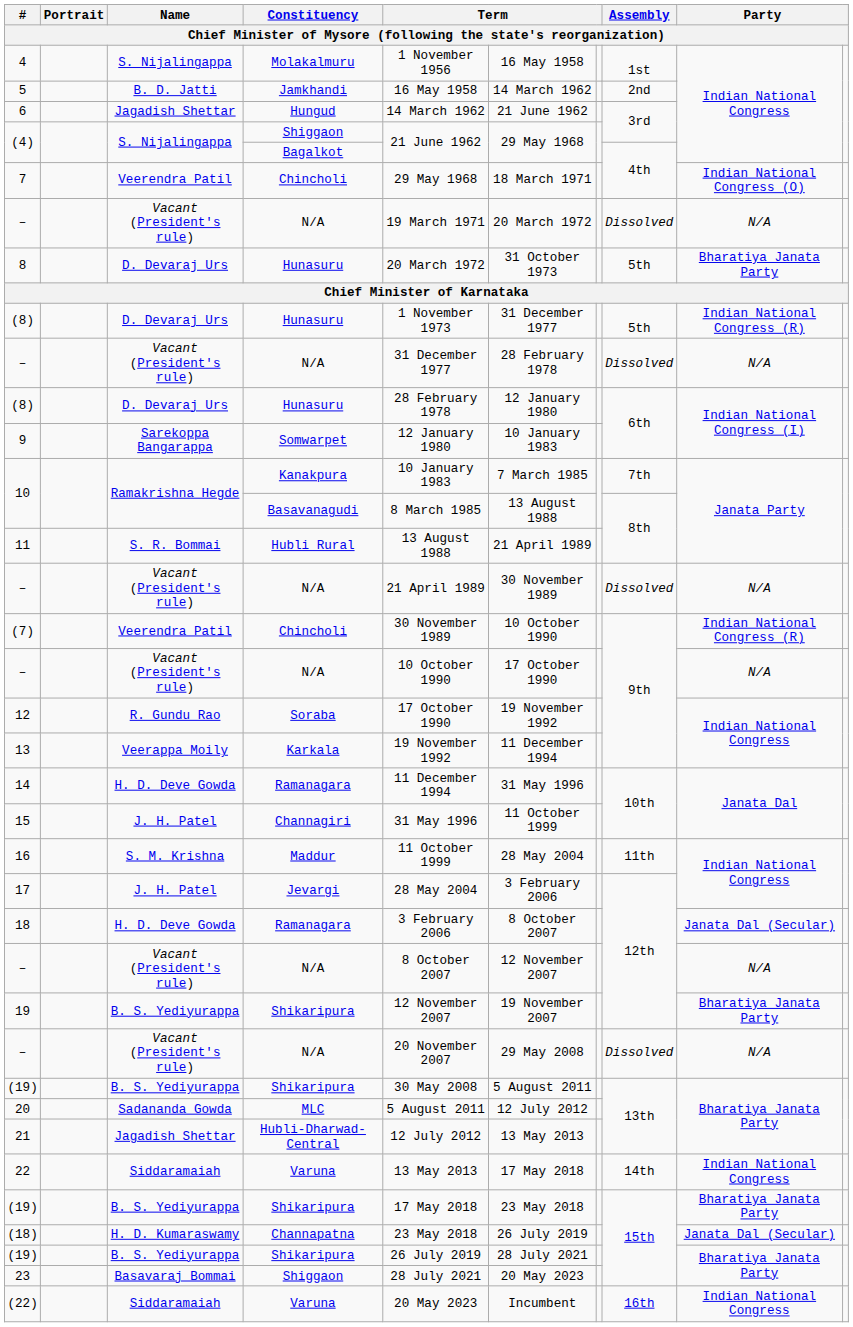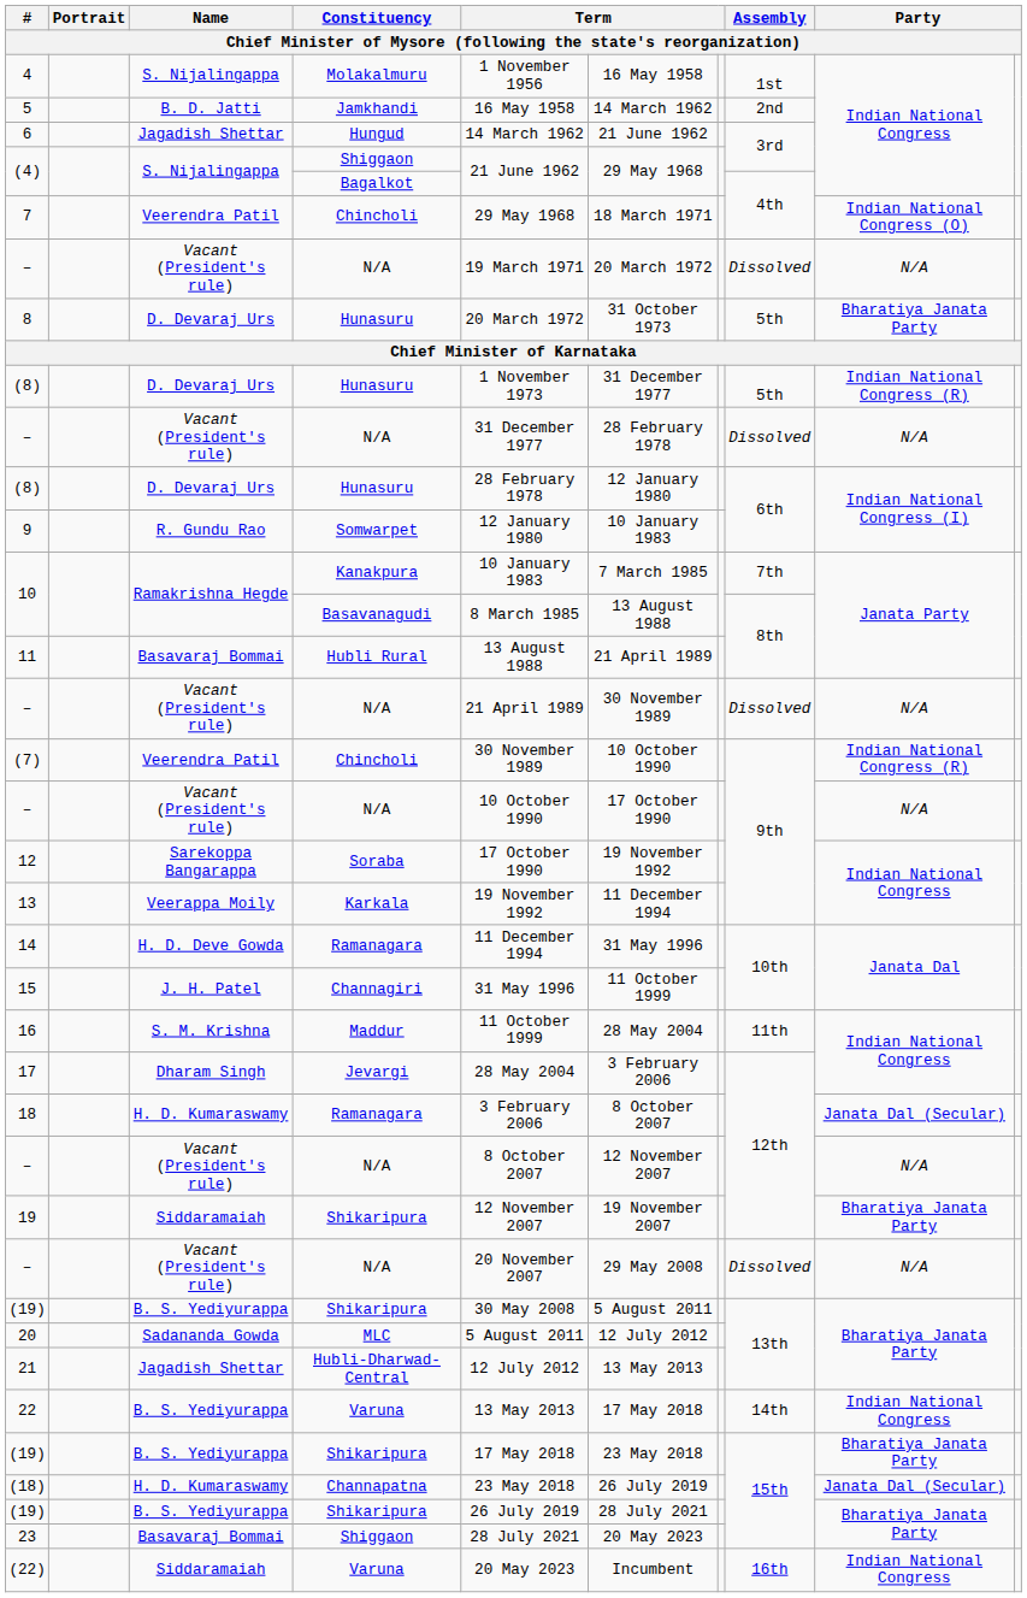 <table class="wikitable" style="text-align:center">
 <tr>
 <th scope="col">#</th>
 <th>Portrait</th>
 <th scope="col">Name</th>
 <th><a href='#'>Constituency</a></th>
 <th colspan="3" scope="col">Term</th>
 <th scope="col"><a href='#'>Assembly</a><br></th>
 <th colspan="2" scope="col">Party</th>
 </tr>
 <tr>
 <th colspan="10">Chief Minister of Mysore (following the state's reorganization)</th>
 </tr>
 <tr>
 <td rowspan="2">4</td>
 <td rowspan="2"></td>
 <td rowspan="2"><a href='#'>S. Nijalingappa</a></td>
 <td rowspan="2"><a href='#'>Molakalmuru</a></td>
 <td rowspan="2">1 November 1956</td>
 <td rowspan="2">16 May 1958</td>
 <td rowspan="2"></td>
 <td><br>1st<br></td>
 <td rowspan="6"><a href='#'>Indian National Congress</a></td>
 <td rowspan="6" style="background-color: "></td>
 </tr>
 <tr>
 <td rowspan="2">2nd<br></td>
 </tr>
 <tr>
 <td>5</td>
 <td></td>
 <td><a href='#'>B. D. Jatti</a></td>
 <td><a href='#'>Jamkhandi</a></td>
 <td>16 May 1958</td>
 <td>14 March 1962</td>
 <td></td>
 </tr>
 <tr>
 <td>6</td>
 <td></td>
 <td><a href='#'>Jagadish Shettar</a></td>
 <td><a href='#'>Hungud</a></td>
 <td>14 March 1962</td>
 <td>21 June 1962</td>
 <td></td>
 <td rowspan="2">3rd<br></td>
 </tr>
 <tr>
 <td rowspan="2">(4)</td>
 <td rowspan="2"></td>
 <td rowspan="2"><a href='#'>S. Nijalingappa</a></td>
 <td><a href='#'>Shiggaon</a></td>
 <td rowspan="2">21 June 1962</td>
 <td rowspan="2">29 May 1968</td>
 <td rowspan="2"></td>
 </tr>
 <tr>
 <td><a href='#'>Bagalkot</a></td>
 <td rowspan="2">4th<br></td>
 </tr>
 <tr>
 <td>7</td>
 <td></td>
 <td><a href='#'>Veerendra Patil</a></td>
 <td><a href='#'>Chincholi</a></td>
 <td>29 May 1968</td>
 <td>18 March 1971</td>
 <td></td>
 <td><a href='#'>Indian National Congress (O)</a></td>
 <td style="background-color: "></td>
 </tr>
 <tr>
 <td>–</td>
 <td></td>
 <td scope="row"><em>Vacant</em><br>(<a href='#'>President's rule</a>)</td>
 <td>N/A</td>
 <td>19 March 1971</td>
 <td>20 March 1972</td>
 <td></td>
 <td><em>Dissolved</em></td>
 <td><em>N/A</em></td>
 <td></td>
 </tr>
 <tr>
 <td>8</td>
 <td></td>
 <td><a href='#'>D. Devaraj Urs</a></td>
 <td><a href='#'>Hunasuru</a></td>
 <td>20 March 1972</td>
 <td>31 October 1973</td>
 <td></td>
 <td>5th<br></td>
 <td><a href='#'>Bharatiya Janata Party</a></td>
 <td style="background-color: "></td>
 </tr>
 <tr>
 <th colspan="10">Chief Minister of Karnataka</th>
 </tr>
 <tr>
 <td>(8)</td>
 <td></td>
 <td><a href='#'>D. Devaraj Urs</a></td>
 <td><a href='#'>Hunasuru</a></td>
 <td>1 November 1973</td>
 <td>31 December 1977</td>
 <td></td>
 <td><br>5th<br></td>
 <td><a href='#'>Indian National Congress (R)</a></td>
 <td style="background-color: "></td>
 </tr>
 <tr>
 <td>–</td>
 <td></td>
 <td scope="row"><em>Vacant</em><br>(<a href='#'>President's rule</a>)</td>
 <td>N/A</td>
 <td>31 December 1977</td>
 <td>28 February 1978</td>
 <td></td>
 <td><em>Dissolved</em></td>
 <td><em>N/A</em></td>
 <td></td>
 </tr>
 <tr>
 <td>(8)</td>
 <td></td>
 <td><a href='#'>D. Devaraj Urs</a></td>
 <td><a href='#'>Hunasuru</a></td>
 <td>28 February 1978</td>
 <td>12 January 1980</td>
 <td></td>
 <td rowspan="2">6th<br></td>
 <td rowspan="2"><a href='#'>Indian National Congress (I)</a></td>
 <td rowspan="2" style="background-color: "></td>
 </tr>
 <tr>
 <td>9</td>
 <td></td>
-<td><a href='#'>Sarekoppa Bangarappa</a></td>
+<td><a href='#'>R. Gundu Rao</a></td>
 <td><a href='#'>Somwarpet</a></td>
 <td>12 January 1980</td>
 <td>10 January 1983</td>
 <td></td>
 </tr>
 <tr>
 <td rowspan="2">10</td>
 <td rowspan="2"></td>
 <td rowspan="2"><a href='#'>Ramakrishna Hegde</a></td>
 <td><a href='#'>Kanakpura</a></td>
 <td>10 January 1983</td>
 <td>7 March 1985</td>
 <td rowspan="2"></td>
 <td>7th<br></td>
 <td rowspan="3"><a href='#'>Janata Party</a></td>
 <td rowspan="3" style="background-color: "></td>
 </tr>
 <tr>
 <td><a href='#'>Basavanagudi</a></td>
 <td>8 March 1985</td>
 <td>13 August 1988</td>
 <td rowspan="2">8th<br></td>
 </tr>
 <tr>
 <td>11</td>
 <td></td>
-<td><a href='#'>S. R. Bommai</a></td>
+<td><a href='#'>Basavaraj Bommai</a></td>
 <td><a href='#'>Hubli Rural</a></td>
 <td>13 August 1988</td>
 <td>21 April 1989</td>
 <td></td>
 </tr>
 <tr>
 <td>–</td>
 <td></td>
 <td scope="row"><em>Vacant</em><br>(<a href='#'>President's rule</a>)</td>
 <td>N/A</td>
 <td>21 April 1989</td>
 <td>30 November 1989</td>
 <td></td>
 <td><em>Dissolved</em></td>
 <td><em>N/A</em></td>
 <td></td>
 </tr>
 <tr>
 <td>(7)</td>
 <td></td>
 <td><a href='#'>Veerendra Patil</a></td>
 <td><a href='#'>Chincholi</a></td>
 <td>30 November 1989</td>
 <td>10 October 1990</td>
 <td></td>
 <td rowspan="4">9th<br></td>
 <td><a href='#'>Indian National Congress (R)</a></td>
 <td style="background-color: "></td>
 </tr>
 <tr>
 <td>–</td>
 <td></td>
 <td scope="row"><em>Vacant</em><br>(<a href='#'>President's rule</a>)</td>
 <td>N/A</td>
 <td>10 October 1990</td>
 <td>17 October 1990</td>
 <td></td>
 <td><em>N/A</em></td>
 <td></td>
 </tr>
 <tr>
 <td>12</td>
 <td></td>
-<td><a href='#'>R. Gundu Rao</a></td>
+<td><a href='#'>Sarekoppa Bangarappa</a></td>
 <td><a href='#'>Soraba</a></td>
 <td>17 October 1990</td>
 <td>19 November 1992</td>
 <td></td>
 <td rowspan="2"><a href='#'>Indian National Congress</a></td>
 <td rowspan="2" style="background-color: "></td>
 </tr>
 <tr>
 <td>13</td>
 <td></td>
 <td><a href='#'>Veerappa Moily</a></td>
 <td><a href='#'>Karkala</a></td>
 <td>19 November 1992</td>
 <td>11 December 1994</td>
 <td></td>
 </tr>
 <tr>
 <td>14</td>
 <td></td>
 <td><a href='#'>H. D. Deve Gowda</a></td>
 <td><a href='#'>Ramanagara</a></td>
 <td>11 December 1994</td>
 <td>31 May 1996</td>
 <td></td>
 <td rowspan="2">10th<br></td>
 <td rowspan="2"><a href='#'>Janata Dal</a></td>
 <td rowspan="2" style="background-color: "></td>
 </tr>
 <tr>
 <td>15</td>
 <td></td>
 <td><a href='#'>J. H. Patel</a></td>
 <td><a href='#'>Channagiri</a></td>
 <td>31 May 1996</td>
 <td>11 October 1999</td>
 <td></td>
 </tr>
 <tr>
 <td>16</td>
 <td></td>
 <td><a href='#'>S. M. Krishna</a></td>
 <td><a href='#'>Maddur</a></td>
 <td>11 October 1999</td>
 <td>28 May 2004</td>
 <td></td>
 <td>11th<br></td>
 <td rowspan="2"><a href='#'>Indian National Congress</a></td>
 <td rowspan="2" style="background-color: "></td>
 </tr>
 <tr>
 <td>17</td>
 <td></td>
-<td><a href='#'>J. H. Patel</a></td>
+<td><a href='#'>Dharam Singh</a></td>
 <td><a href='#'>Jevargi</a></td>
 <td>28 May 2004</td>
 <td>3 February 2006</td>
 <td></td>
 <td rowspan="4">12th<br></td>
 </tr>
 <tr>
 <td>18</td>
 <td></td>
-<td><a href='#'>H. D. Deve Gowda</a></td>
+<td><a href='#'>H. D. Kumaraswamy</a></td>
 <td><a href='#'>Ramanagara</a></td>
 <td>3 February 2006</td>
 <td>8 October 2007</td>
 <td></td>
 <td><a href='#'>Janata Dal (Secular)</a></td>
 <td style="background-color: "></td>
 </tr>
 <tr>
 <td>–</td>
 <td></td>
 <td scope="row"><em>Vacant</em><br>(<a href='#'>President's rule</a>)</td>
 <td>N/A</td>
 <td>8 October 2007</td>
 <td>12 November 2007</td>
 <td></td>
 <td><em>N/A</em></td>
 <td></td>
 </tr>
 <tr>
 <td>19</td>
 <td></td>
-<td><a href='#'>B. S. Yediyurappa</a></td>
+<td><a href='#'>Siddaramaiah</a></td>
 <td><a href='#'>Shikaripura</a></td>
 <td>12 November 2007</td>
 <td>19 November 2007</td>
 <td></td>
 <td><a href='#'>Bharatiya Janata Party</a></td>
 <td style="background-color: "></td>
 </tr>
 <tr>
 <td>–</td>
 <td></td>
 <td scope="row"><em>Vacant</em><br>(<a href='#'>President's rule</a>)</td>
 <td>N/A</td>
 <td>20 November 2007</td>
 <td>29 May 2008</td>
 <td></td>
 <td><em>Dissolved</em></td>
 <td><em>N/A</em></td>
 <td></td>
 </tr>
 <tr>
 <td>(19)</td>
 <td></td>
 <td><a href='#'>B. S. Yediyurappa</a></td>
 <td><a href='#'>Shikaripura</a></td>
 <td>30 May 2008</td>
 <td>5 August 2011</td>
 <td></td>
 <td rowspan="3">13th<br></td>
 <td rowspan="3"><a href='#'>Bharatiya Janata Party</a></td>
 <td rowspan="3" style="background-color: "></td>
 </tr>
 <tr>
 <td>20</td>
 <td></td>
 <td><a href='#'>Sadananda Gowda</a></td>
 <td><a href='#'>MLC</a></td>
 <td>5 August 2011</td>
 <td>12 July 2012</td>
 <td></td>
 </tr>
 <tr>
 <td>21</td>
 <td></td>
 <td><a href='#'>Jagadish Shettar</a></td>
 <td><a href='#'>Hubli-Dharwad-Central</a></td>
 <td>12 July 2012</td>
 <td>13 May 2013</td>
 <td></td>
 </tr>
 <tr>
 <td>22</td>
 <td></td>
-<td><a href='#'>Siddaramaiah</a></td>
+<td><a href='#'>B. S. Yediyurappa</a></td>
 <td><a href='#'>Varuna</a></td>
 <td>13 May 2013</td>
 <td>17 May 2018</td>
 <td></td>
 <td>14th<br></td>
 <td rowspan="1"><a href='#'>Indian National Congress</a></td>
 <td style="background-color: "></td>
 </tr>
 <tr>
 <td>(19)</td>
 <td></td>
 <td><a href='#'>B. S. Yediyurappa</a></td>
 <td><a href='#'>Shikaripura</a></td>
 <td>17 May 2018</td>
 <td>23 May 2018</td>
 <td></td>
 <td rowspan="4"><a href='#'>15th</a><br></td>
 <td><a href='#'>Bharatiya Janata Party</a></td>
 <td style="background-color: "></td>
 </tr>
 <tr>
 <td>(18)</td>
 <td></td>
 <td><a href='#'>H. D. Kumaraswamy</a></td>
 <td><a href='#'>Channapatna</a></td>
 <td>23 May 2018</td>
 <td>26 July 2019</td>
 <td></td>
 <td><a href='#'>Janata Dal (Secular)</a></td>
 <td style="background-color: "></td>
 </tr>
 <tr>
 <td>(19)</td>
 <td></td>
 <td><a href='#'>B. S. Yediyurappa</a></td>
 <td><a href='#'>Shikaripura</a></td>
 <td>26 July 2019</td>
 <td>28 July 2021</td>
 <td></td>
 <td rowspan="2"><a href='#'>Bharatiya Janata Party</a></td>
 <td rowspan="2" style="background-color: "></td>
 </tr>
 <tr>
 <td>23</td>
 <td></td>
 <td><a href='#'>Basavaraj Bommai</a></td>
 <td><a href='#'>Shiggaon</a></td>
 <td>28 July 2021</td>
 <td>20 May 2023</td>
 <td></td>
 </tr>
 <tr>
 <td>(22)</td>
 <td></td>
 <td><a href='#'>Siddaramaiah</a></td>
 <td><a href='#'>Varuna</a></td>
 <td>20 May 2023</td>
 <td>Incumbent</td>
 <td></td>
 <td><a href='#'>16th</a><br></td>
 <td rowspan="1"><a href='#'>Indian National Congress</a></td>
 <td style="background-color: "></td>
 </tr>
 </table>
